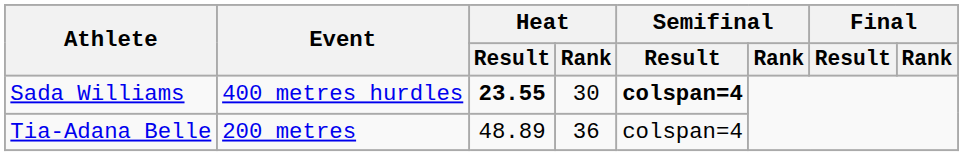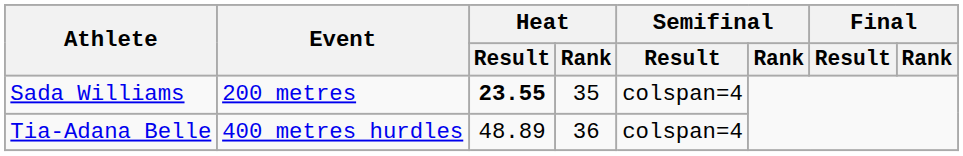 <table class=wikitable style=font-size:90%>
 <tr>
 <th rowspan=2>Athlete</th>
 <th rowspan=2>Event</th>
 <th colspan=2>Heat</th>
 <th colspan=2>Semifinal</th>
 <th colspan=2>Final</th>
 </tr>
 <tr style=font-size:95%>
 <th>Result</th>
 <th>Rank</th>
 <th>Result</th>
 <th>Rank</th>
 <th>Result</th>
 <th>Rank</th>
 </tr>
 <tr align=center>
 <td align=left><a href='#'>Sada Williams</a></td>
-<td align=left><a href='#'>400 metres hurdles</a></td>
+<td align=left><a href='#'>200 metres</a></td>
 <td><strong>23.55</strong></td>
-<td>30</td>
-<td><strong>colspan=4 </strong></td>
+<td>35</td>
+<td>colspan=4 </td>
 </tr>
 <tr align=center>
 <td align=left><a href='#'>Tia-Adana Belle</a></td>
-<td align=left><a href='#'>200 metres</a></td>
+<td align=left><a href='#'>400 metres hurdles</a></td>
 <td>48.89</td>
 <td>36</td>
 <td>colspan=4 </td>
 </tr>
 </table>
